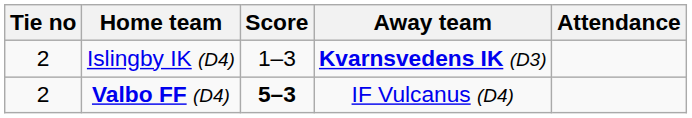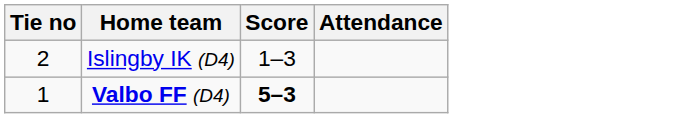 <table class="wikitable" style="text-align:center">
 <tr>
 <th style= style="width:40px;">Tie no</th>
 <th style= style="width:150px;">Home team</th>
 <th style= style="width:60px;">Score</th>
-<th style= style="width:150px;">Away team</th>
 <th style= style="width:30px;">Attendance</th>
 </tr>
 <tr>
 <td>2</td>
 <td><a href='#'>Islingby IK</a> <em><small>(D4)</small></em></td>
 <td>1–3</td>
-<td><strong><a href='#'>Kvarnsvedens IK</a></strong> <em><small>(D3)</small></em></td>
 <td></td>
 </tr>
 <tr>
-<td>2</td>
+<td>1</td>
 <td><strong><a href='#'>Valbo FF</a></strong> <em><small>(D4)</small></em></td>
 <td><strong>5–3</strong></td>
-<td><a href='#'>IF Vulcanus</a> <em><small>(D4)</small></em></td>
 <td></td>
 </tr>
 </table>
